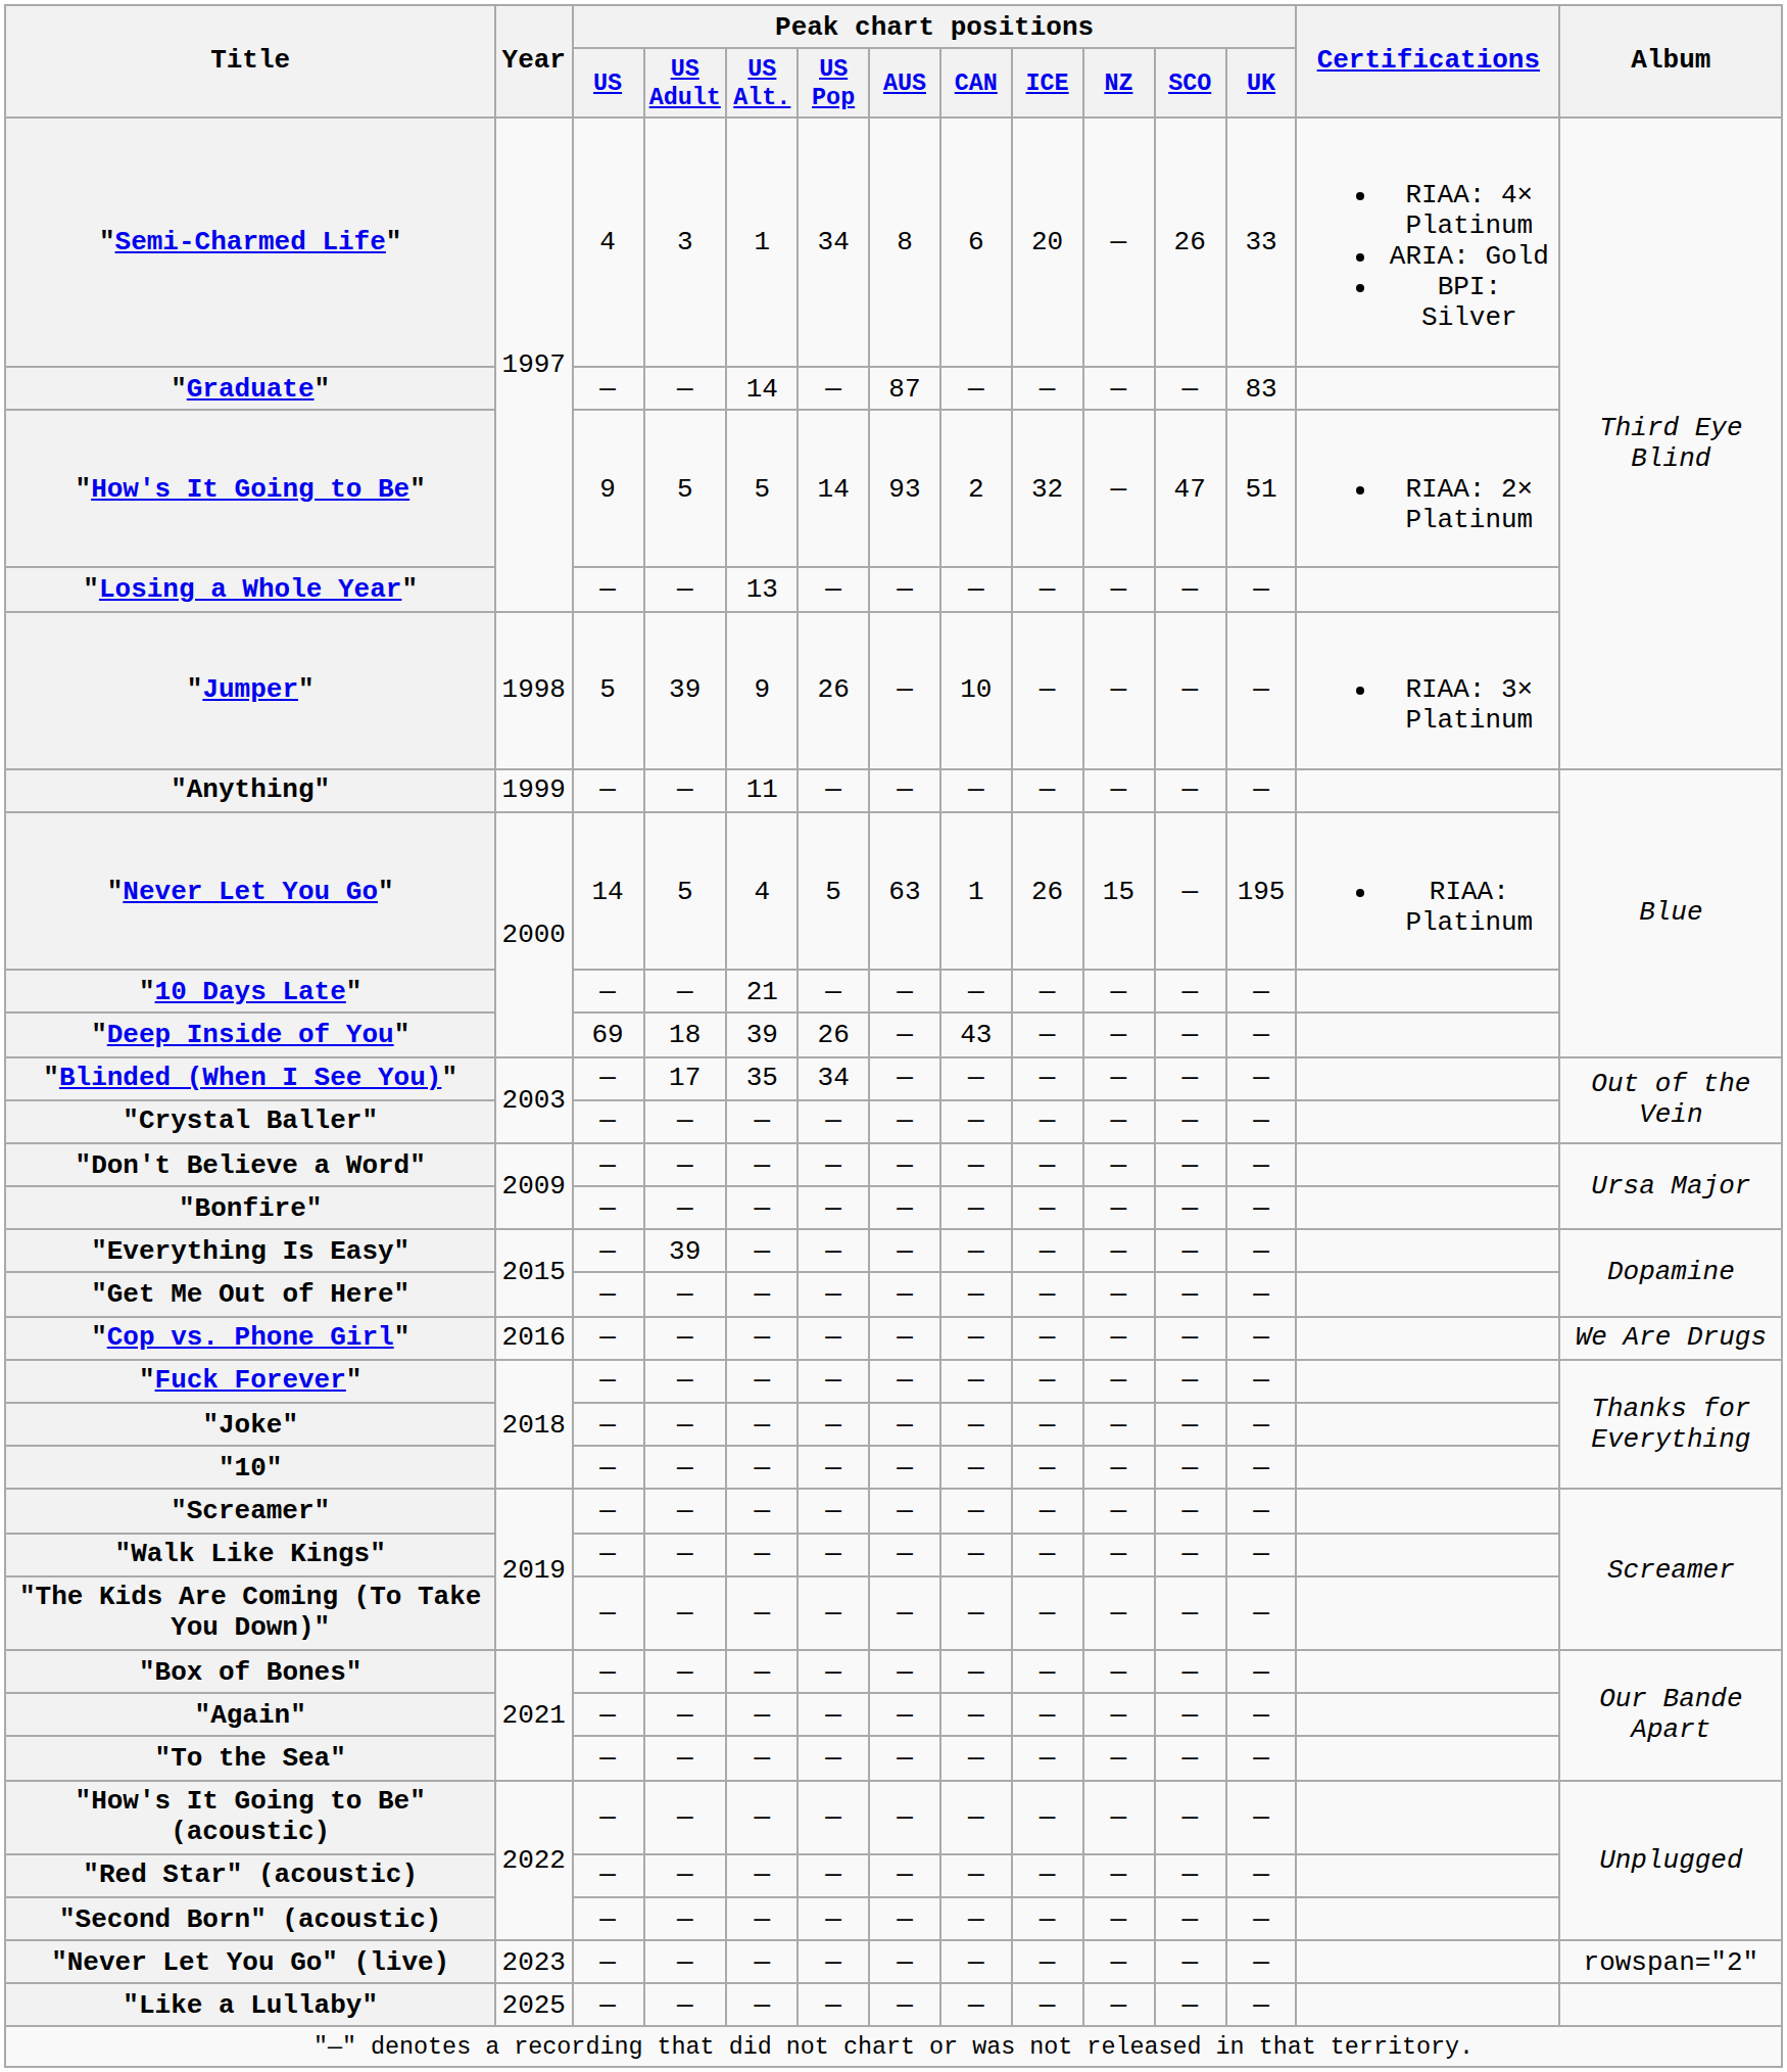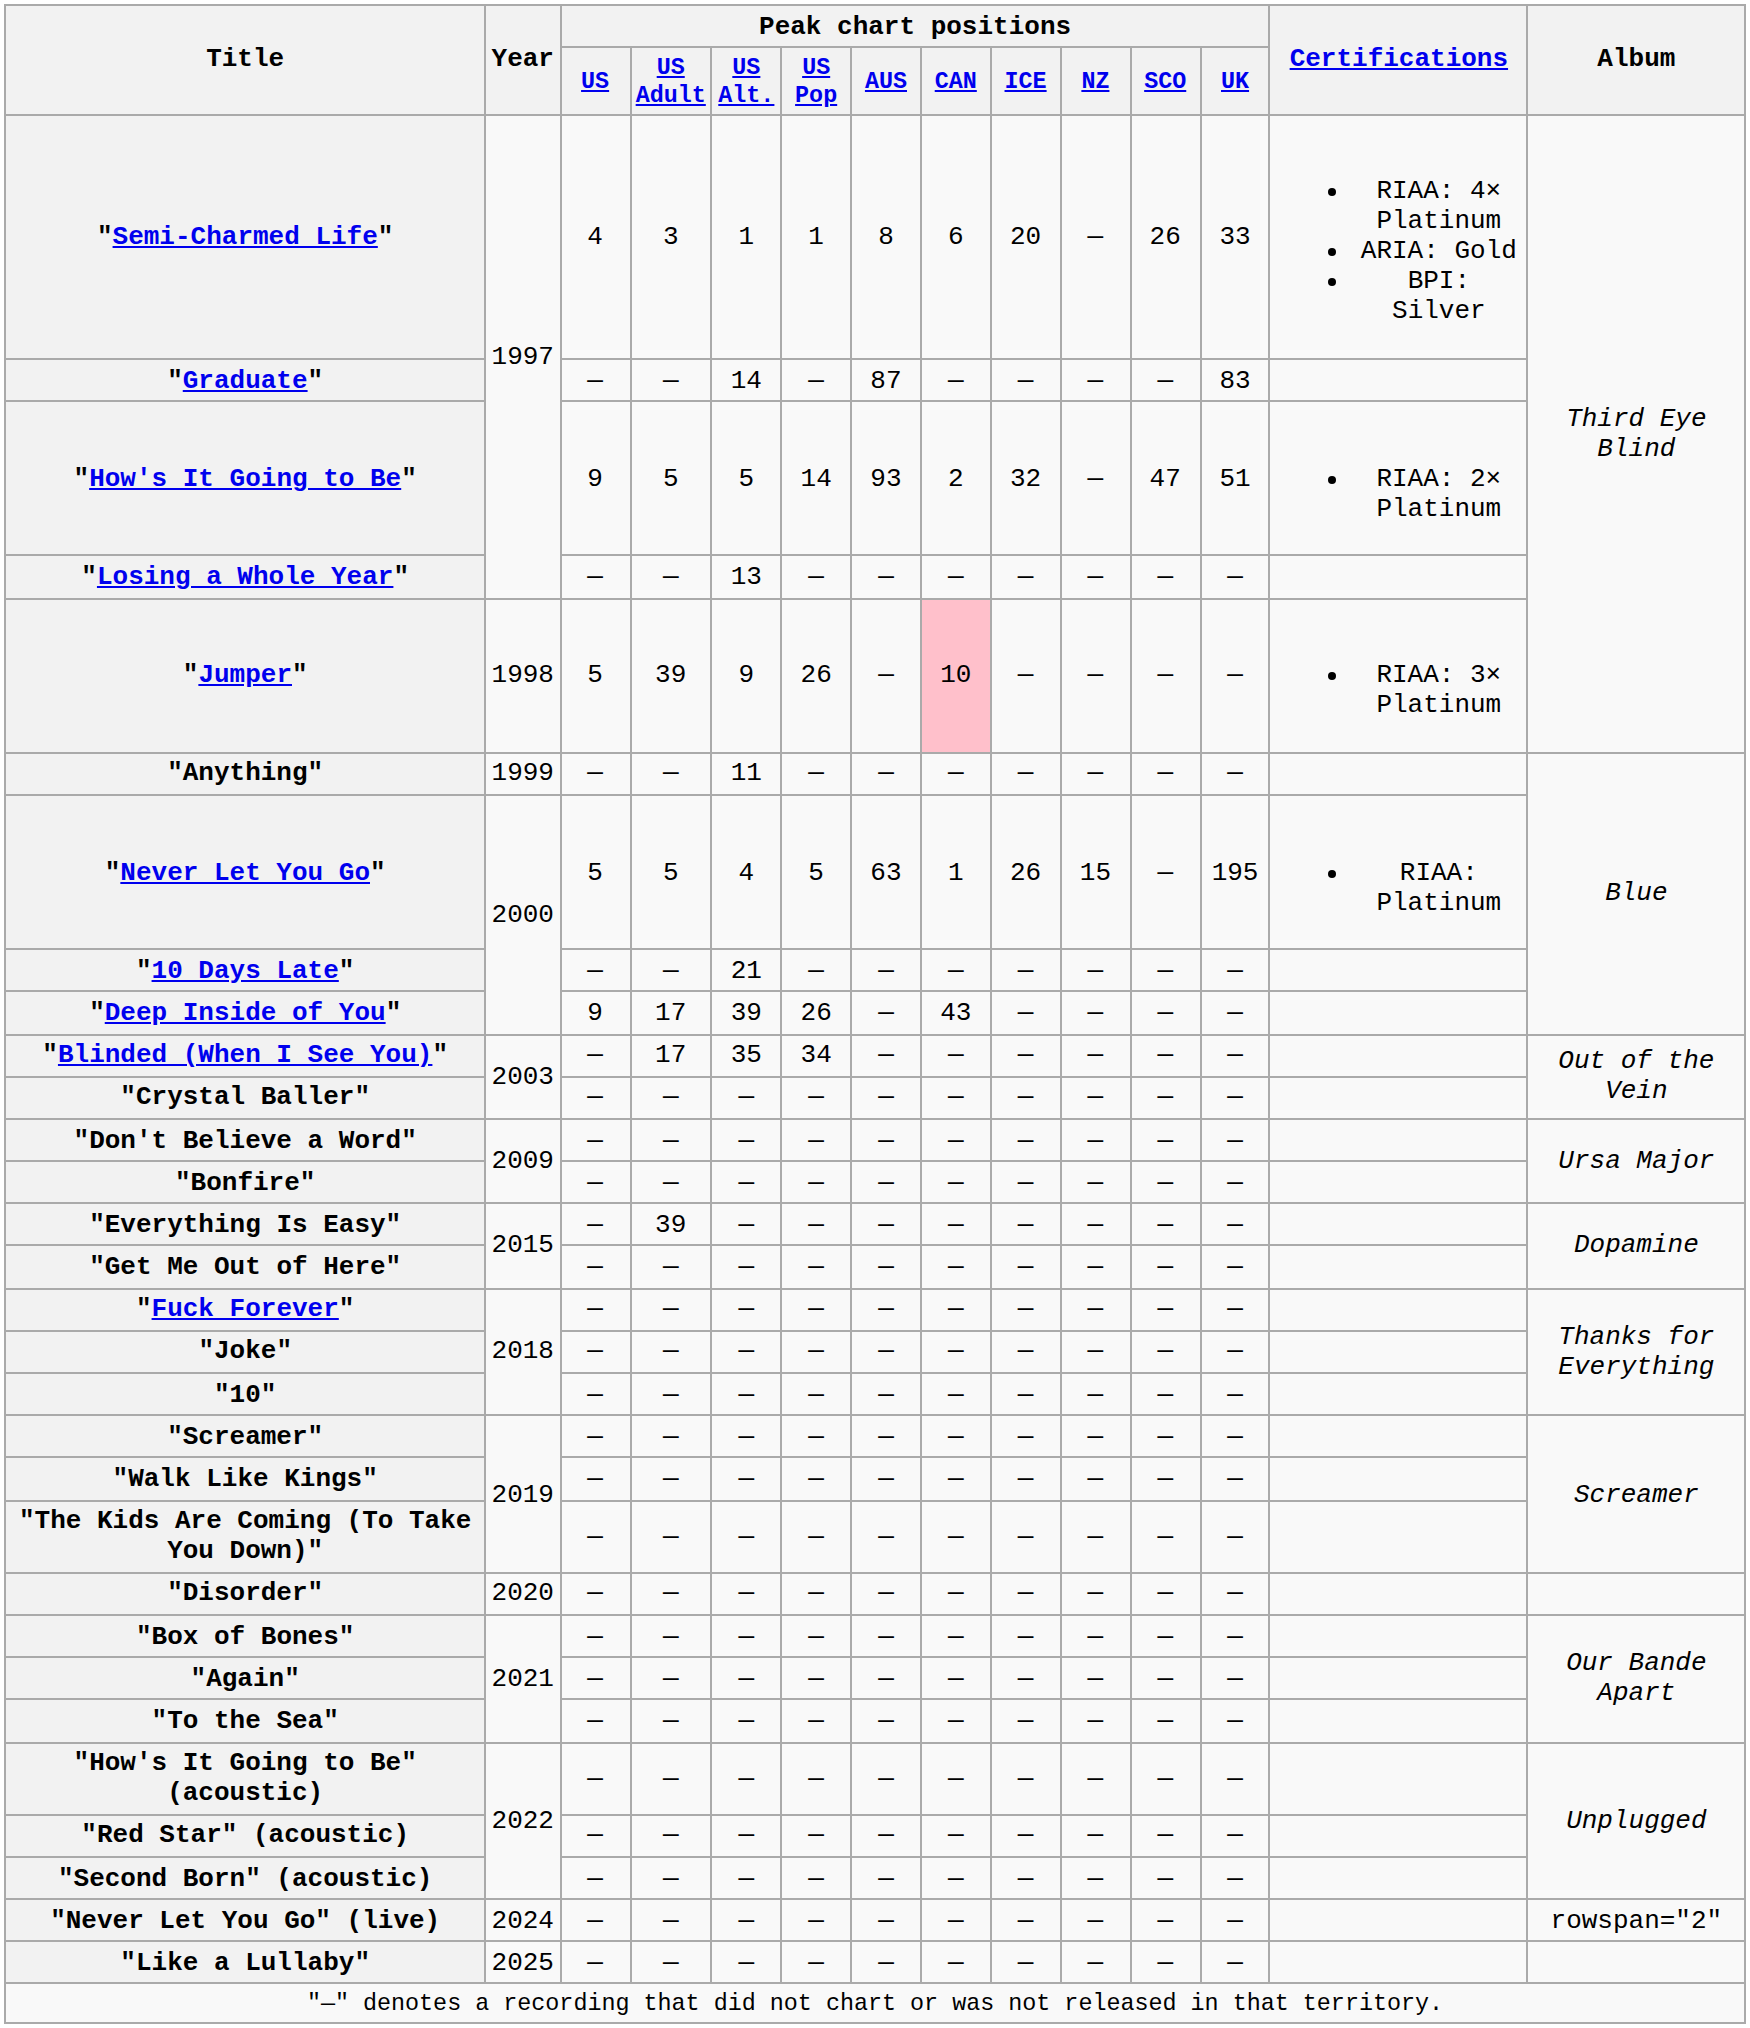 <table class="wikitable plainrowheaders" style="text-align:center">
 <tr>
 <th scope="col" rowspan="2" style="width:18em;">Title</th>
 <th scope="col" rowspan="2" style="width:1em;">Year</th>
 <th scope="col" colspan="10">Peak chart positions</th>
 <th scope="col" rowspan="2"><a href='#'>Certifications</a></th>
 <th scope="col" rowspan="2">Album</th>
 </tr>
 <tr>
 <th scope="col" style="width:2.5em;font-size:90%;"><a href='#'>US</a><br></th>
 <th scope="col" style="width:2.5em;font-size:90%;"><a href='#'>US Adult</a><br></th>
 <th scope="col" style="width:2.5em;font-size:90%;"><a href='#'>US<br>Alt.</a><br></th>
 <th scope="col" style="width:2.5em;font-size:90%;"><a href='#'>US<br>Pop</a><br></th>
 <th scope="col" style="width:2.5em;font-size:90%;"><a href='#'>AUS</a><br></th>
 <th scope="col" style="width:2.5em;font-size:90%;"><a href='#'>CAN</a><br></th>
 <th scope="col" style="width:2.5em;font-size:90%;"><a href='#'>ICE</a><br></th>
 <th scope="col" style="width:2.5em;font-size:90%;"><a href='#'>NZ</a><br></th>
 <th scope="col" style="width:2.5em;font-size:90%;"><a href='#'>SCO</a><br></th>
 <th scope="col" style="width:2.5em;font-size:90%;"><a href='#'>UK</a><br></th>
 </tr>
 <tr>
 <th scope="row">"<a href='#'>Semi-Charmed Life</a>"</th>
 <td rowspan="4">1997</td>
 <td>4</td>
 <td>3</td>
 <td>1</td>
-<td>34</td>
+<td>1</td>
 <td>8</td>
 <td>6</td>
 <td>20</td>
 <td>—</td>
 <td>26</td>
 <td>33</td>
 <td><br><ul><li>RIAA: 4× Platinum</li><li>ARIA: Gold</li><li>BPI: Silver</li></ul></td>
 <td rowspan="5"><em>Third Eye Blind</em></td>
 </tr>
 <tr>
 <th scope="row">"<a href='#'>Graduate</a>"</th>
 <td>—</td>
 <td>—</td>
 <td>14</td>
 <td>—</td>
 <td>87</td>
 <td>—</td>
 <td>—</td>
 <td>—</td>
 <td>—</td>
 <td>83</td>
 <td></td>
 </tr>
 <tr>
 <th scope="row">"<a href='#'>How's It Going to Be</a>"</th>
 <td>9</td>
 <td>5</td>
 <td>5</td>
 <td>14</td>
 <td>93</td>
 <td>2</td>
 <td>32</td>
 <td>—</td>
 <td>47</td>
 <td>51</td>
 <td><br><ul><li>RIAA: 2× Platinum</li></ul></td>
 </tr>
 <tr>
 <th scope="row">"<a href='#'>Losing a Whole Year</a>"</th>
 <td>—</td>
 <td>—</td>
 <td>13</td>
 <td>—</td>
 <td>—</td>
 <td>—</td>
 <td>—</td>
 <td>—</td>
 <td>—</td>
 <td>—</td>
 <td></td>
 </tr>
 <tr>
 <th scope="row">"<a href='#'>Jumper</a>"</th>
 <td>1998</td>
 <td>5</td>
 <td>39</td>
 <td>9</td>
 <td>26</td>
 <td>—</td>
-<td>10</td>
+<td style="background: pink;">10</td>
 <td>—</td>
 <td>—</td>
 <td>—</td>
 <td>—</td>
 <td><br><ul><li>RIAA: 3× Platinum</li></ul></td>
 </tr>
 <tr>
 <th scope="row">"Anything"</th>
 <td>1999</td>
 <td>—</td>
 <td>—</td>
 <td>11</td>
 <td>—</td>
 <td>—</td>
 <td>—</td>
 <td>—</td>
 <td>—</td>
 <td>—</td>
 <td>—</td>
 <td></td>
 <td rowspan="4"><em>Blue</em></td>
 </tr>
 <tr>
 <th scope="row">"<a href='#'>Never Let You Go</a>"</th>
 <td rowspan="3">2000</td>
-<td>14</td>
+<td>5</td>
 <td>5</td>
 <td>4</td>
 <td>5</td>
 <td>63</td>
 <td>1</td>
 <td>26</td>
 <td>15</td>
 <td>—</td>
 <td>195</td>
 <td><br><ul><li>RIAA: Platinum</li></ul></td>
 </tr>
 <tr>
 <th scope="row">"<a href='#'>10 Days Late</a>"</th>
 <td>—</td>
 <td>—</td>
 <td>21</td>
 <td>—</td>
 <td>—</td>
 <td>—</td>
 <td>—</td>
 <td>—</td>
 <td>—</td>
 <td>—</td>
 <td></td>
 </tr>
 <tr>
 <th scope="row">"<a href='#'>Deep Inside of You</a>"</th>
-<td>69</td>
-<td>18</td>
+<td>9</td>
+<td>17</td>
 <td>39</td>
 <td>26</td>
 <td>—</td>
 <td>43</td>
 <td>—</td>
 <td>—</td>
 <td>—</td>
 <td>—</td>
 <td></td>
 </tr>
 <tr>
 <th scope="row">"<a href='#'>Blinded (When I See You)</a>"</th>
 <td rowspan="2">2003</td>
 <td>—</td>
 <td>17</td>
 <td>35</td>
 <td>34</td>
 <td>—</td>
 <td>—</td>
 <td>—</td>
 <td>—</td>
 <td>—</td>
 <td>—</td>
 <td></td>
 <td rowspan="2"><em>Out of the Vein</em></td>
 </tr>
 <tr>
 <th scope="row">"Crystal Baller"</th>
 <td>—</td>
 <td>—</td>
 <td>—</td>
 <td>—</td>
 <td>—</td>
 <td>—</td>
 <td>—</td>
 <td>—</td>
 <td>—</td>
 <td>—</td>
 <td></td>
 </tr>
 <tr>
 <th scope="row">"Don't Believe a Word"</th>
 <td rowspan="2">2009</td>
 <td>—</td>
 <td>—</td>
 <td>—</td>
 <td>—</td>
 <td>—</td>
 <td>—</td>
 <td>—</td>
 <td>—</td>
 <td>—</td>
 <td>—</td>
 <td></td>
 <td rowspan="2"><em>Ursa Major</em></td>
 </tr>
 <tr>
 <th scope="row">"Bonfire"</th>
 <td>—</td>
 <td>—</td>
 <td>—</td>
 <td>—</td>
 <td>—</td>
 <td>—</td>
 <td>—</td>
 <td>—</td>
 <td>—</td>
 <td>—</td>
 <td></td>
 </tr>
 <tr>
 <th scope="row">"Everything Is Easy"</th>
 <td rowspan="2">2015</td>
 <td>—</td>
 <td>39</td>
 <td>—</td>
 <td>—</td>
 <td>—</td>
 <td>—</td>
 <td>—</td>
 <td>—</td>
 <td>—</td>
 <td>—</td>
 <td></td>
 <td rowspan="2"><em>Dopamine</em></td>
 </tr>
 <tr>
 <th scope="row">"Get Me Out of Here"</th>
 <td>—</td>
 <td>—</td>
 <td>—</td>
 <td>—</td>
 <td>—</td>
 <td>—</td>
 <td>—</td>
 <td>—</td>
 <td>—</td>
 <td>—</td>
 <td></td>
 </tr>
 <tr>
-<th scope="row">"<a href='#'>Cop vs. Phone Girl</a>"</th>
-<td>2016</td>
-<td>—</td>
-<td>—</td>
-<td>—</td>
-<td>—</td>
-<td>—</td>
-<td>—</td>
-<td>—</td>
-<td>—</td>
-<td>—</td>
-<td>—</td>
-<td></td>
-<td><em>We Are Drugs</em></td>
-</tr>
-<tr>
 <th scope="row">"<a href='#'>Fuck Forever</a>"</th>
 <td rowspan="3">2018</td>
 <td>—</td>
 <td>—</td>
 <td>—</td>
 <td>—</td>
 <td>—</td>
 <td>—</td>
 <td>—</td>
 <td>—</td>
 <td>—</td>
 <td>—</td>
 <td></td>
 <td rowspan="3"><em>Thanks for Everything</em></td>
 </tr>
 <tr>
 <th scope="row">"Joke"</th>
 <td>—</td>
 <td>—</td>
 <td>—</td>
 <td>—</td>
 <td>—</td>
 <td>—</td>
 <td>—</td>
 <td>—</td>
 <td>—</td>
 <td>—</td>
 <td></td>
 </tr>
 <tr>
 <th scope="row">"10"</th>
 <td>—</td>
 <td>—</td>
 <td>—</td>
 <td>—</td>
 <td>—</td>
 <td>—</td>
 <td>—</td>
 <td>—</td>
 <td>—</td>
 <td>—</td>
 <td></td>
 </tr>
 <tr>
 <th scope="row">"Screamer"<br></th>
 <td rowspan="3">2019</td>
 <td>—</td>
 <td>—</td>
 <td>—</td>
 <td>—</td>
 <td>—</td>
 <td>—</td>
 <td>—</td>
 <td>—</td>
 <td>—</td>
 <td>—</td>
 <td></td>
 <td rowspan="3"><em>Screamer</em></td>
 </tr>
 <tr>
 <th scope="row">"Walk Like Kings"</th>
 <td>—</td>
 <td>—</td>
 <td>—</td>
 <td>—</td>
 <td>—</td>
 <td>—</td>
 <td>—</td>
 <td>—</td>
 <td>—</td>
 <td>—</td>
 <td></td>
 </tr>
 <tr>
 <th scope="row">"The Kids Are Coming (To Take You Down)"</th>
 <td>—</td>
 <td>—</td>
 <td>—</td>
 <td>—</td>
 <td>—</td>
 <td>—</td>
 <td>—</td>
 <td>—</td>
 <td>—</td>
 <td>—</td>
+<td></td>
+</tr>
+<tr>
+<th scope="row">"Disorder"</th>
+<td>2020</td>
+<td>—</td>
+<td>—</td>
+<td>—</td>
+<td>—</td>
+<td>—</td>
+<td>—</td>
+<td>—</td>
+<td>—</td>
+<td>—</td>
+<td>—</td>
+<td></td>
 <td></td>
 </tr>
 <tr>
 <th scope="row">"Box of Bones"</th>
 <td rowspan="3">2021</td>
 <td>—</td>
 <td>—</td>
 <td>—</td>
 <td>—</td>
 <td>—</td>
 <td>—</td>
 <td>—</td>
 <td>—</td>
 <td>—</td>
 <td>—</td>
 <td></td>
 <td rowspan="3"><em>Our Bande Apart</em></td>
 </tr>
 <tr>
 <th scope="row">"Again"</th>
 <td>—</td>
 <td>—</td>
 <td>—</td>
 <td>—</td>
 <td>—</td>
 <td>—</td>
 <td>—</td>
 <td>—</td>
 <td>—</td>
 <td>—</td>
 <td></td>
 </tr>
 <tr>
 <th scope="row">"To the Sea"</th>
 <td>—</td>
 <td>—</td>
 <td>—</td>
 <td>—</td>
 <td>—</td>
 <td>—</td>
 <td>—</td>
 <td>—</td>
 <td>—</td>
 <td>—</td>
 <td></td>
 </tr>
 <tr>
 <th scope="row">"How's It Going to Be" (acoustic)</th>
 <td rowspan="3">2022</td>
 <td>—</td>
 <td>—</td>
 <td>—</td>
 <td>—</td>
 <td>—</td>
 <td>—</td>
 <td>—</td>
 <td>—</td>
 <td>—</td>
 <td>—</td>
 <td></td>
 <td rowspan="3"><em>Unplugged</em></td>
 </tr>
 <tr>
 <th scope="row">"Red Star" (acoustic)</th>
 <td>—</td>
 <td>—</td>
 <td>—</td>
 <td>—</td>
 <td>—</td>
 <td>—</td>
 <td>—</td>
 <td>—</td>
 <td>—</td>
 <td>—</td>
 <td></td>
 </tr>
 <tr>
 <th scope="row">"Second Born" (acoustic)</th>
 <td>—</td>
 <td>—</td>
 <td>—</td>
 <td>—</td>
 <td>—</td>
 <td>—</td>
 <td>—</td>
 <td>—</td>
 <td>—</td>
 <td>—</td>
 <td></td>
 </tr>
 <tr>
 <th scope="row">"Never Let You Go" (live)</th>
-<td>2023</td>
+<td>2024</td>
 <td>—</td>
 <td>—</td>
 <td>—</td>
 <td>—</td>
 <td>—</td>
 <td>—</td>
 <td>—</td>
 <td>—</td>
 <td>—</td>
 <td>—</td>
 <td></td>
 <td>rowspan="2" </td>
 </tr>
 <tr>
 <th scope="row">"Like a Lullaby"</th>
 <td>2025</td>
 <td>—</td>
 <td>—</td>
 <td>—</td>
 <td>—</td>
 <td>—</td>
 <td>—</td>
 <td>—</td>
 <td>—</td>
 <td>—</td>
 <td>—</td>
 <td></td>
 </tr>
 <tr>
 <td colspan="14" style="font-size:90%">"—" denotes a recording that did not chart or was not released in that territory.</td>
 </tr>
 </table>
